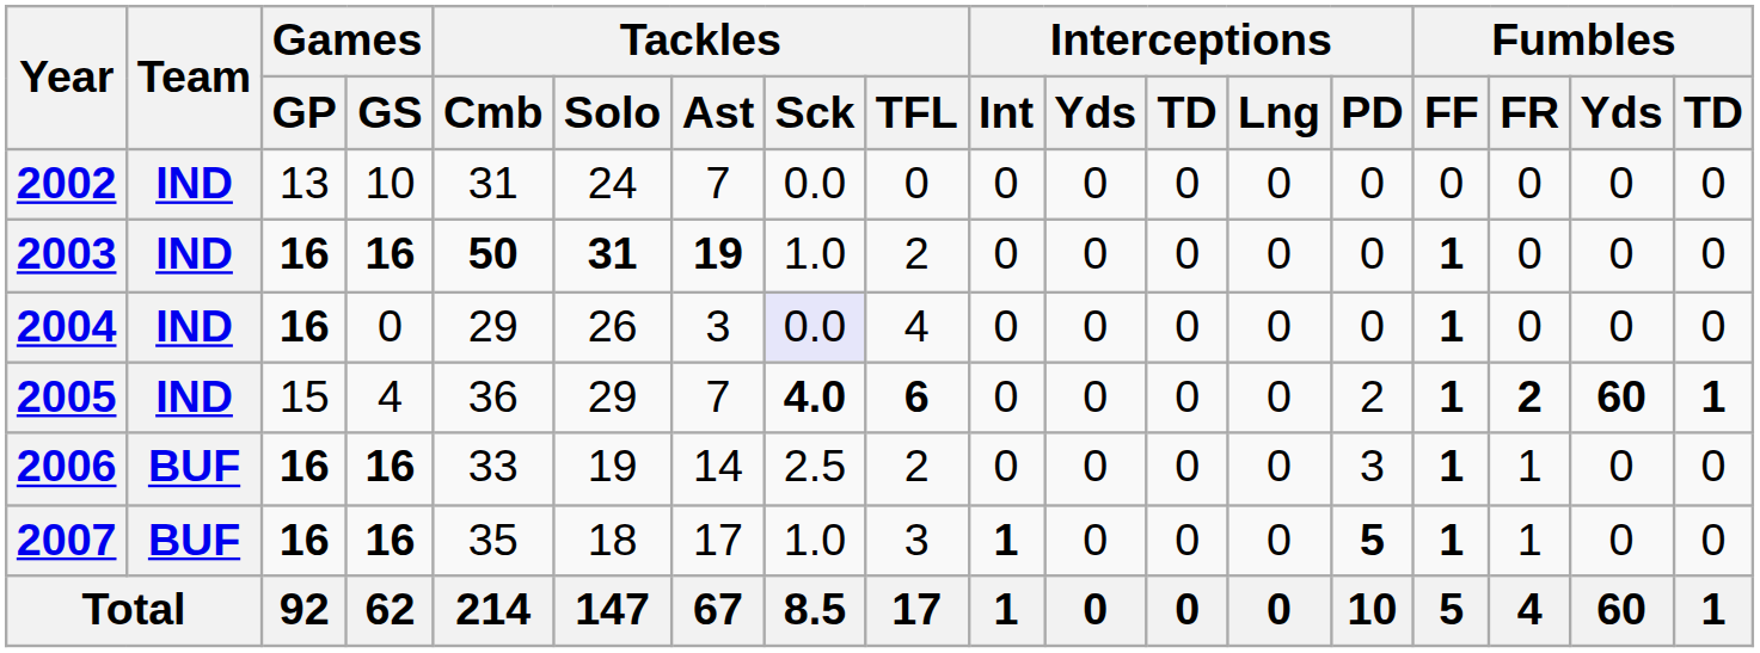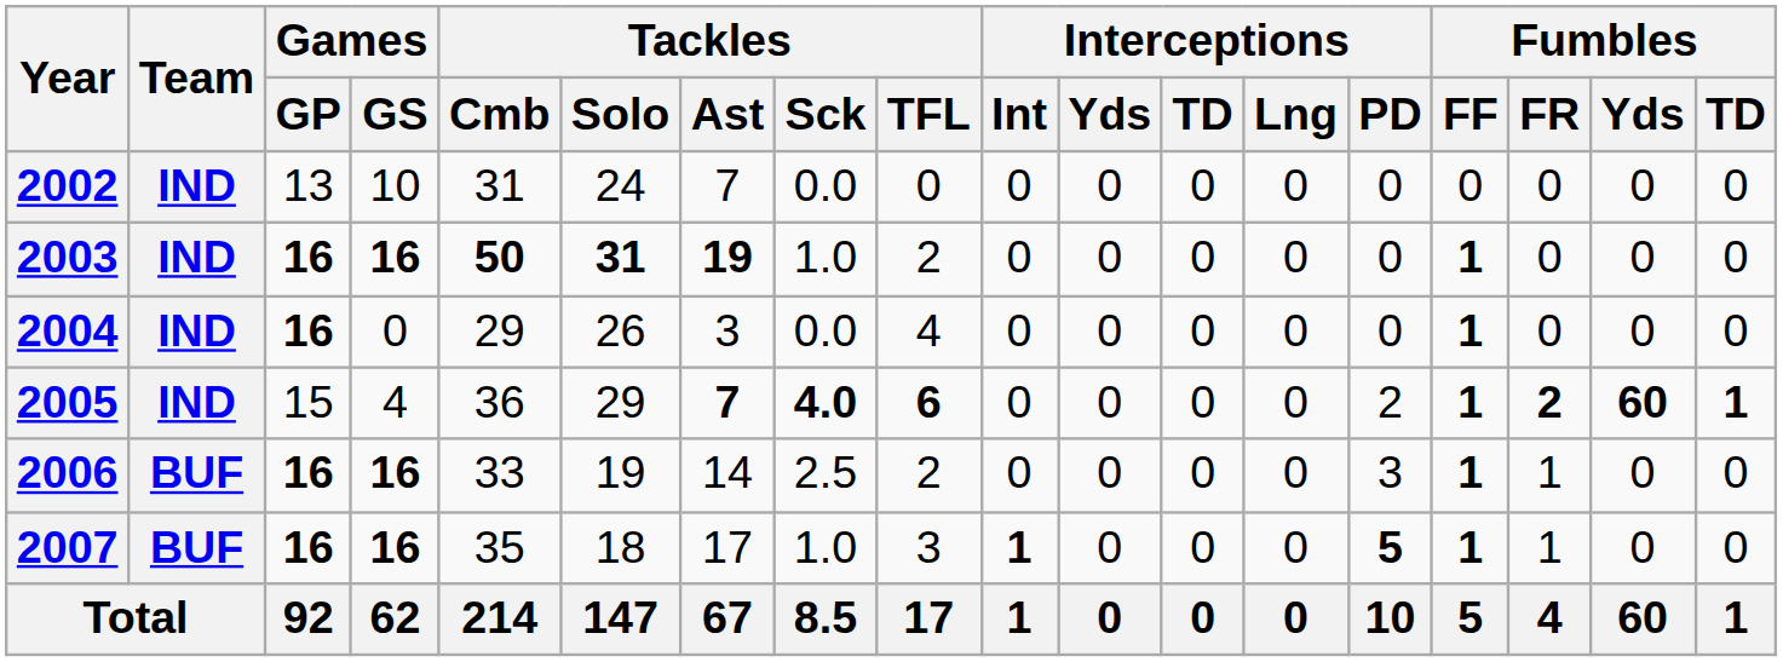 <table class="wikitable" style="text-align:center">
 <tr>
 <th rowspan="2">Year</th>
 <th rowspan="2">Team</th>
 <th colspan="2">Games</th>
 <th colspan="5">Tackles</th>
 <th colspan="5">Interceptions</th>
 <th colspan="4">Fumbles</th>
 </tr>
 <tr>
 <th>GP</th>
 <th>GS</th>
 <th>Cmb</th>
 <th>Solo</th>
 <th>Ast</th>
 <th>Sck</th>
 <th>TFL</th>
 <th>Int</th>
 <th>Yds</th>
 <th>TD</th>
 <th>Lng</th>
 <th>PD</th>
 <th>FF</th>
 <th>FR</th>
 <th>Yds</th>
 <th>TD</th>
 </tr>
 <tr>
 <th><a href='#'>2002</a></th>
 <th><a href='#'>IND</a></th>
 <td>13</td>
 <td>10</td>
 <td>31</td>
 <td>24</td>
 <td>7</td>
 <td>0.0</td>
 <td>0</td>
 <td>0</td>
 <td>0</td>
 <td>0</td>
 <td>0</td>
 <td>0</td>
 <td>0</td>
 <td>0</td>
 <td>0</td>
 <td>0</td>
 </tr>
 <tr>
 <th><a href='#'>2003</a></th>
 <th><a href='#'>IND</a></th>
 <td><strong>16</strong></td>
 <td><strong>16</strong></td>
 <td><strong>50</strong></td>
 <td><strong>31</strong></td>
 <td><strong>19</strong></td>
 <td>1.0</td>
 <td>2</td>
 <td>0</td>
 <td>0</td>
 <td>0</td>
 <td>0</td>
 <td>0</td>
 <td><strong>1</strong></td>
 <td>0</td>
 <td>0</td>
 <td>0</td>
 </tr>
 <tr>
 <th><a href='#'>2004</a></th>
 <th><a href='#'>IND</a></th>
 <td><strong>16</strong></td>
 <td>0</td>
 <td>29</td>
 <td>26</td>
 <td>3</td>
-<td style="background: lavender;">0.0</td>
+<td>0.0</td>
 <td>4</td>
 <td>0</td>
 <td>0</td>
 <td>0</td>
 <td>0</td>
 <td>0</td>
 <td><strong>1</strong></td>
 <td>0</td>
 <td>0</td>
 <td>0</td>
 </tr>
 <tr>
 <th><a href='#'>2005</a></th>
 <th><a href='#'>IND</a></th>
 <td>15</td>
 <td>4</td>
 <td>36</td>
 <td>29</td>
-<td>7</td>
+<td><strong>7</strong></td>
 <td><strong>4.0</strong></td>
 <td><strong>6</strong></td>
 <td>0</td>
 <td>0</td>
 <td>0</td>
 <td>0</td>
 <td>2</td>
 <td><strong>1</strong></td>
 <td><strong>2</strong></td>
 <td><strong>60</strong></td>
 <td><strong>1</strong></td>
 </tr>
 <tr>
 <th><a href='#'>2006</a></th>
 <th><a href='#'>BUF</a></th>
 <td><strong>16</strong></td>
 <td><strong>16</strong></td>
 <td>33</td>
 <td>19</td>
 <td>14</td>
 <td>2.5</td>
 <td>2</td>
 <td>0</td>
 <td>0</td>
 <td>0</td>
 <td>0</td>
 <td>3</td>
 <td><strong>1</strong></td>
 <td>1</td>
 <td>0</td>
 <td>0</td>
 </tr>
 <tr>
 <th><a href='#'>2007</a></th>
 <th><a href='#'>BUF</a></th>
 <td><strong>16</strong></td>
 <td><strong>16</strong></td>
 <td>35</td>
 <td>18</td>
 <td>17</td>
 <td>1.0</td>
 <td>3</td>
 <td><strong>1</strong></td>
 <td>0</td>
 <td>0</td>
 <td>0</td>
 <td><strong>5</strong></td>
 <td><strong>1</strong></td>
 <td>1</td>
 <td>0</td>
 <td>0</td>
 </tr>
 <tr>
 <th colspan="2">Total</th>
 <th>92</th>
 <th>62</th>
 <th>214</th>
 <th>147</th>
 <th>67</th>
 <th>8.5</th>
 <th>17</th>
 <th>1</th>
 <th>0</th>
 <th>0</th>
 <th>0</th>
 <th>10</th>
 <th>5</th>
 <th>4</th>
 <th>60</th>
 <th>1</th>
 </tr>
 </table>
